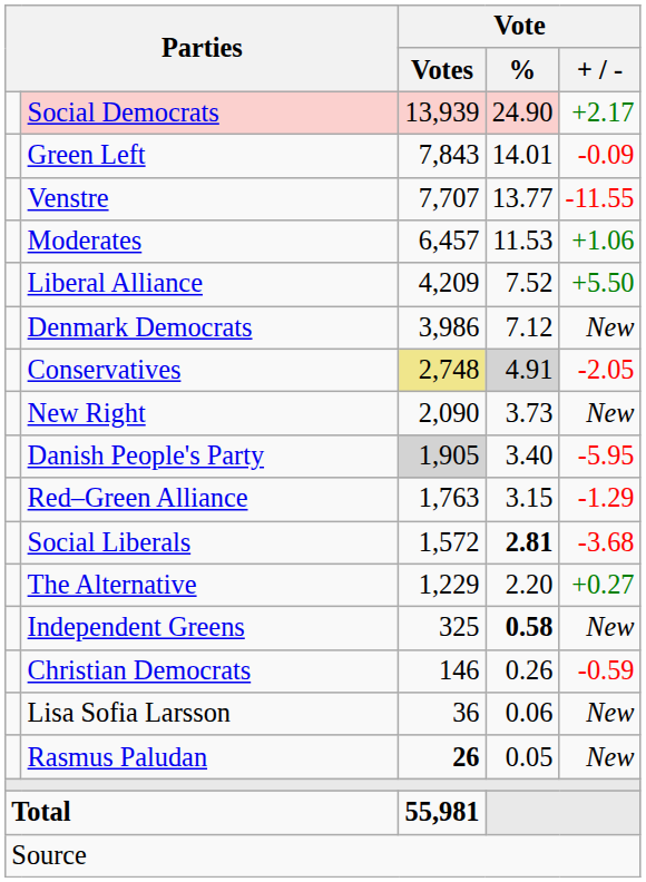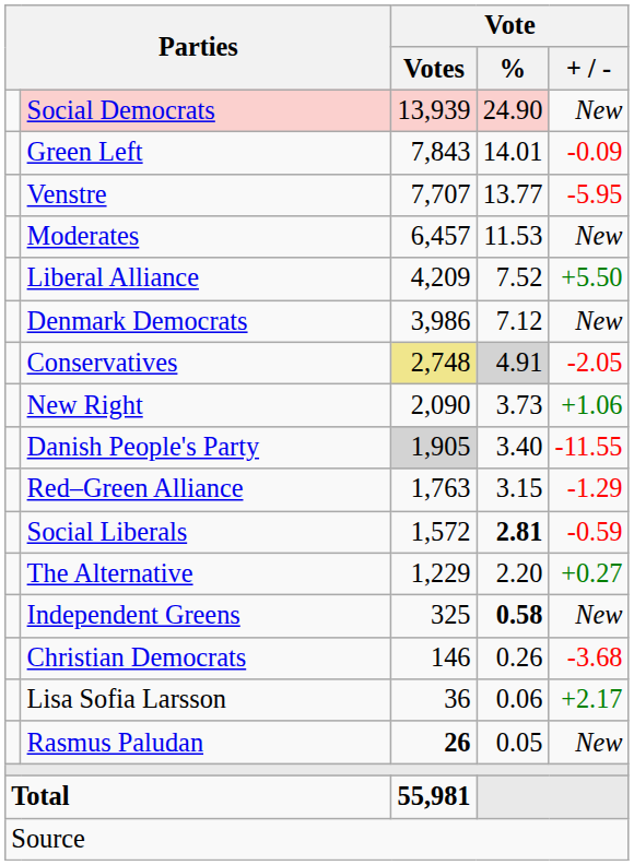 <table class="wikitable" style="text-align:right;">
 <tr>
 <th style="text-align:centre;" rowspan="2" colspan="2" width="225">Parties</th>
 <th colspan="3">Vote</th>
 </tr>
 <tr>
 <th width="15">Votes</th>
 <th width="15">%</th>
 <th width="15">+ / -</th>
 </tr>
 <tr>
 <td width="2" style="color:inherit;background:"></td>
 <td bgcolor=#fbd0ce  align="left"><a href='#'>Social Democrats</a></td>
 <td bgcolor=#fbd0ce>13,939</td>
 <td bgcolor=#fbd0ce>24.90</td>
-<td style=color:green;>+2.17</td>
+<td><em>New</em></td>
 </tr>
 <tr>
 <td width="2" style="color:inherit;background:"></td>
 <td align="left"><a href='#'>Green Left</a></td>
 <td>7,843</td>
 <td>14.01</td>
 <td style=color:red;>-0.09</td>
 </tr>
 <tr>
 <td width="2" style="color:inherit;background:"></td>
 <td align="left"><a href='#'>Venstre</a></td>
 <td>7,707</td>
 <td>13.77</td>
-<td style=color:red;>-11.55</td>
+<td style=color:red;>-5.95</td>
 </tr>
 <tr>
 <td width="2" style="color:inherit;background:"></td>
 <td align="left"><a href='#'>Moderates</a></td>
 <td>6,457</td>
 <td>11.53</td>
-<td style=color:green;>+1.06</td>
+<td><em>New</em></td>
 </tr>
 <tr>
 <td width="2" style="color:inherit;background:"></td>
 <td align="left"><a href='#'>Liberal Alliance</a></td>
 <td>4,209</td>
 <td>7.52</td>
 <td style=color:green;>+5.50</td>
 </tr>
 <tr>
 <td width="2" style="color:inherit;background:"></td>
 <td align="left"><a href='#'>Denmark Democrats</a></td>
 <td>3,986</td>
 <td>7.12</td>
 <td><em>New</em></td>
 </tr>
 <tr>
 <td width="2" style="color:inherit;background:"></td>
 <td align="left"><a href='#'>Conservatives</a></td>
 <td style="background: khaki;">2,748</td>
 <td style="background: lightgrey;">4.91</td>
 <td style=color:red;>-2.05</td>
 </tr>
 <tr>
 <td width="2" style="color:inherit;background:"></td>
 <td align="left"><a href='#'>New Right</a></td>
 <td>2,090</td>
 <td>3.73</td>
-<td><em>New</em></td>
+<td style=color:green;>+1.06</td>
 </tr>
 <tr>
 <td width="2" style="color:inherit;background:"></td>
 <td align="left"><a href='#'>Danish People's Party</a></td>
 <td style="background: lightgrey;">1,905</td>
 <td>3.40</td>
-<td style=color:red;>-5.95</td>
+<td style=color:red;>-11.55</td>
 </tr>
 <tr>
 <td width="2" style="color:inherit;background:"></td>
 <td align="left"><a href='#'>Red–Green Alliance</a></td>
 <td>1,763</td>
 <td>3.15</td>
 <td style=color:red;>-1.29</td>
 </tr>
 <tr>
 <td width="2" style="color:inherit;background:"></td>
 <td align="left"><a href='#'>Social Liberals</a></td>
 <td>1,572</td>
 <td><strong>2.81</strong></td>
-<td style=color:red;>-3.68</td>
+<td style=color:red;>-0.59</td>
 </tr>
 <tr>
 <td width="2" style="color:inherit;background:"></td>
 <td align="left"><a href='#'>The Alternative</a></td>
 <td>1,229</td>
 <td>2.20</td>
 <td style=color:green;>+0.27</td>
 </tr>
 <tr>
 <td width="2" style="color:inherit;background:"></td>
 <td align="left"><a href='#'>Independent Greens</a></td>
 <td>325</td>
 <td><strong>0.58</strong></td>
 <td><em>New</em></td>
 </tr>
 <tr>
 <td width="2" style="color:inherit;background:"></td>
 <td align="left"><a href='#'>Christian Democrats</a></td>
 <td>146</td>
 <td>0.26</td>
-<td style=color:red;>-0.59</td>
+<td style=color:red;>-3.68</td>
 </tr>
 <tr>
 <td width="2" style="color:inherit;background:"></td>
 <td align="left">Lisa Sofia Larsson</td>
 <td>36</td>
 <td>0.06</td>
-<td><em>New</em></td>
+<td style=color:green;>+2.17</td>
 </tr>
 <tr>
 <td width="2" style="color:inherit;background:"></td>
 <td align="left"><a href='#'>Rasmus Paludan</a></td>
 <td><strong>26</strong></td>
 <td>0.05</td>
 <td><em>New</em></td>
 </tr>
 <tr>
 <td colspan="7" bgcolor="#E9E9E9"></td>
 </tr>
 <tr>
 <td align="left" colspan="2"><strong>Total</strong></td>
 <td><strong>55,981</strong></td>
 <td bgcolor="#E9E9E9" colspan="2"></td>
 </tr>
 <tr>
 <td align="left" colspan="6">Source</td>
 </tr>
 </table>
